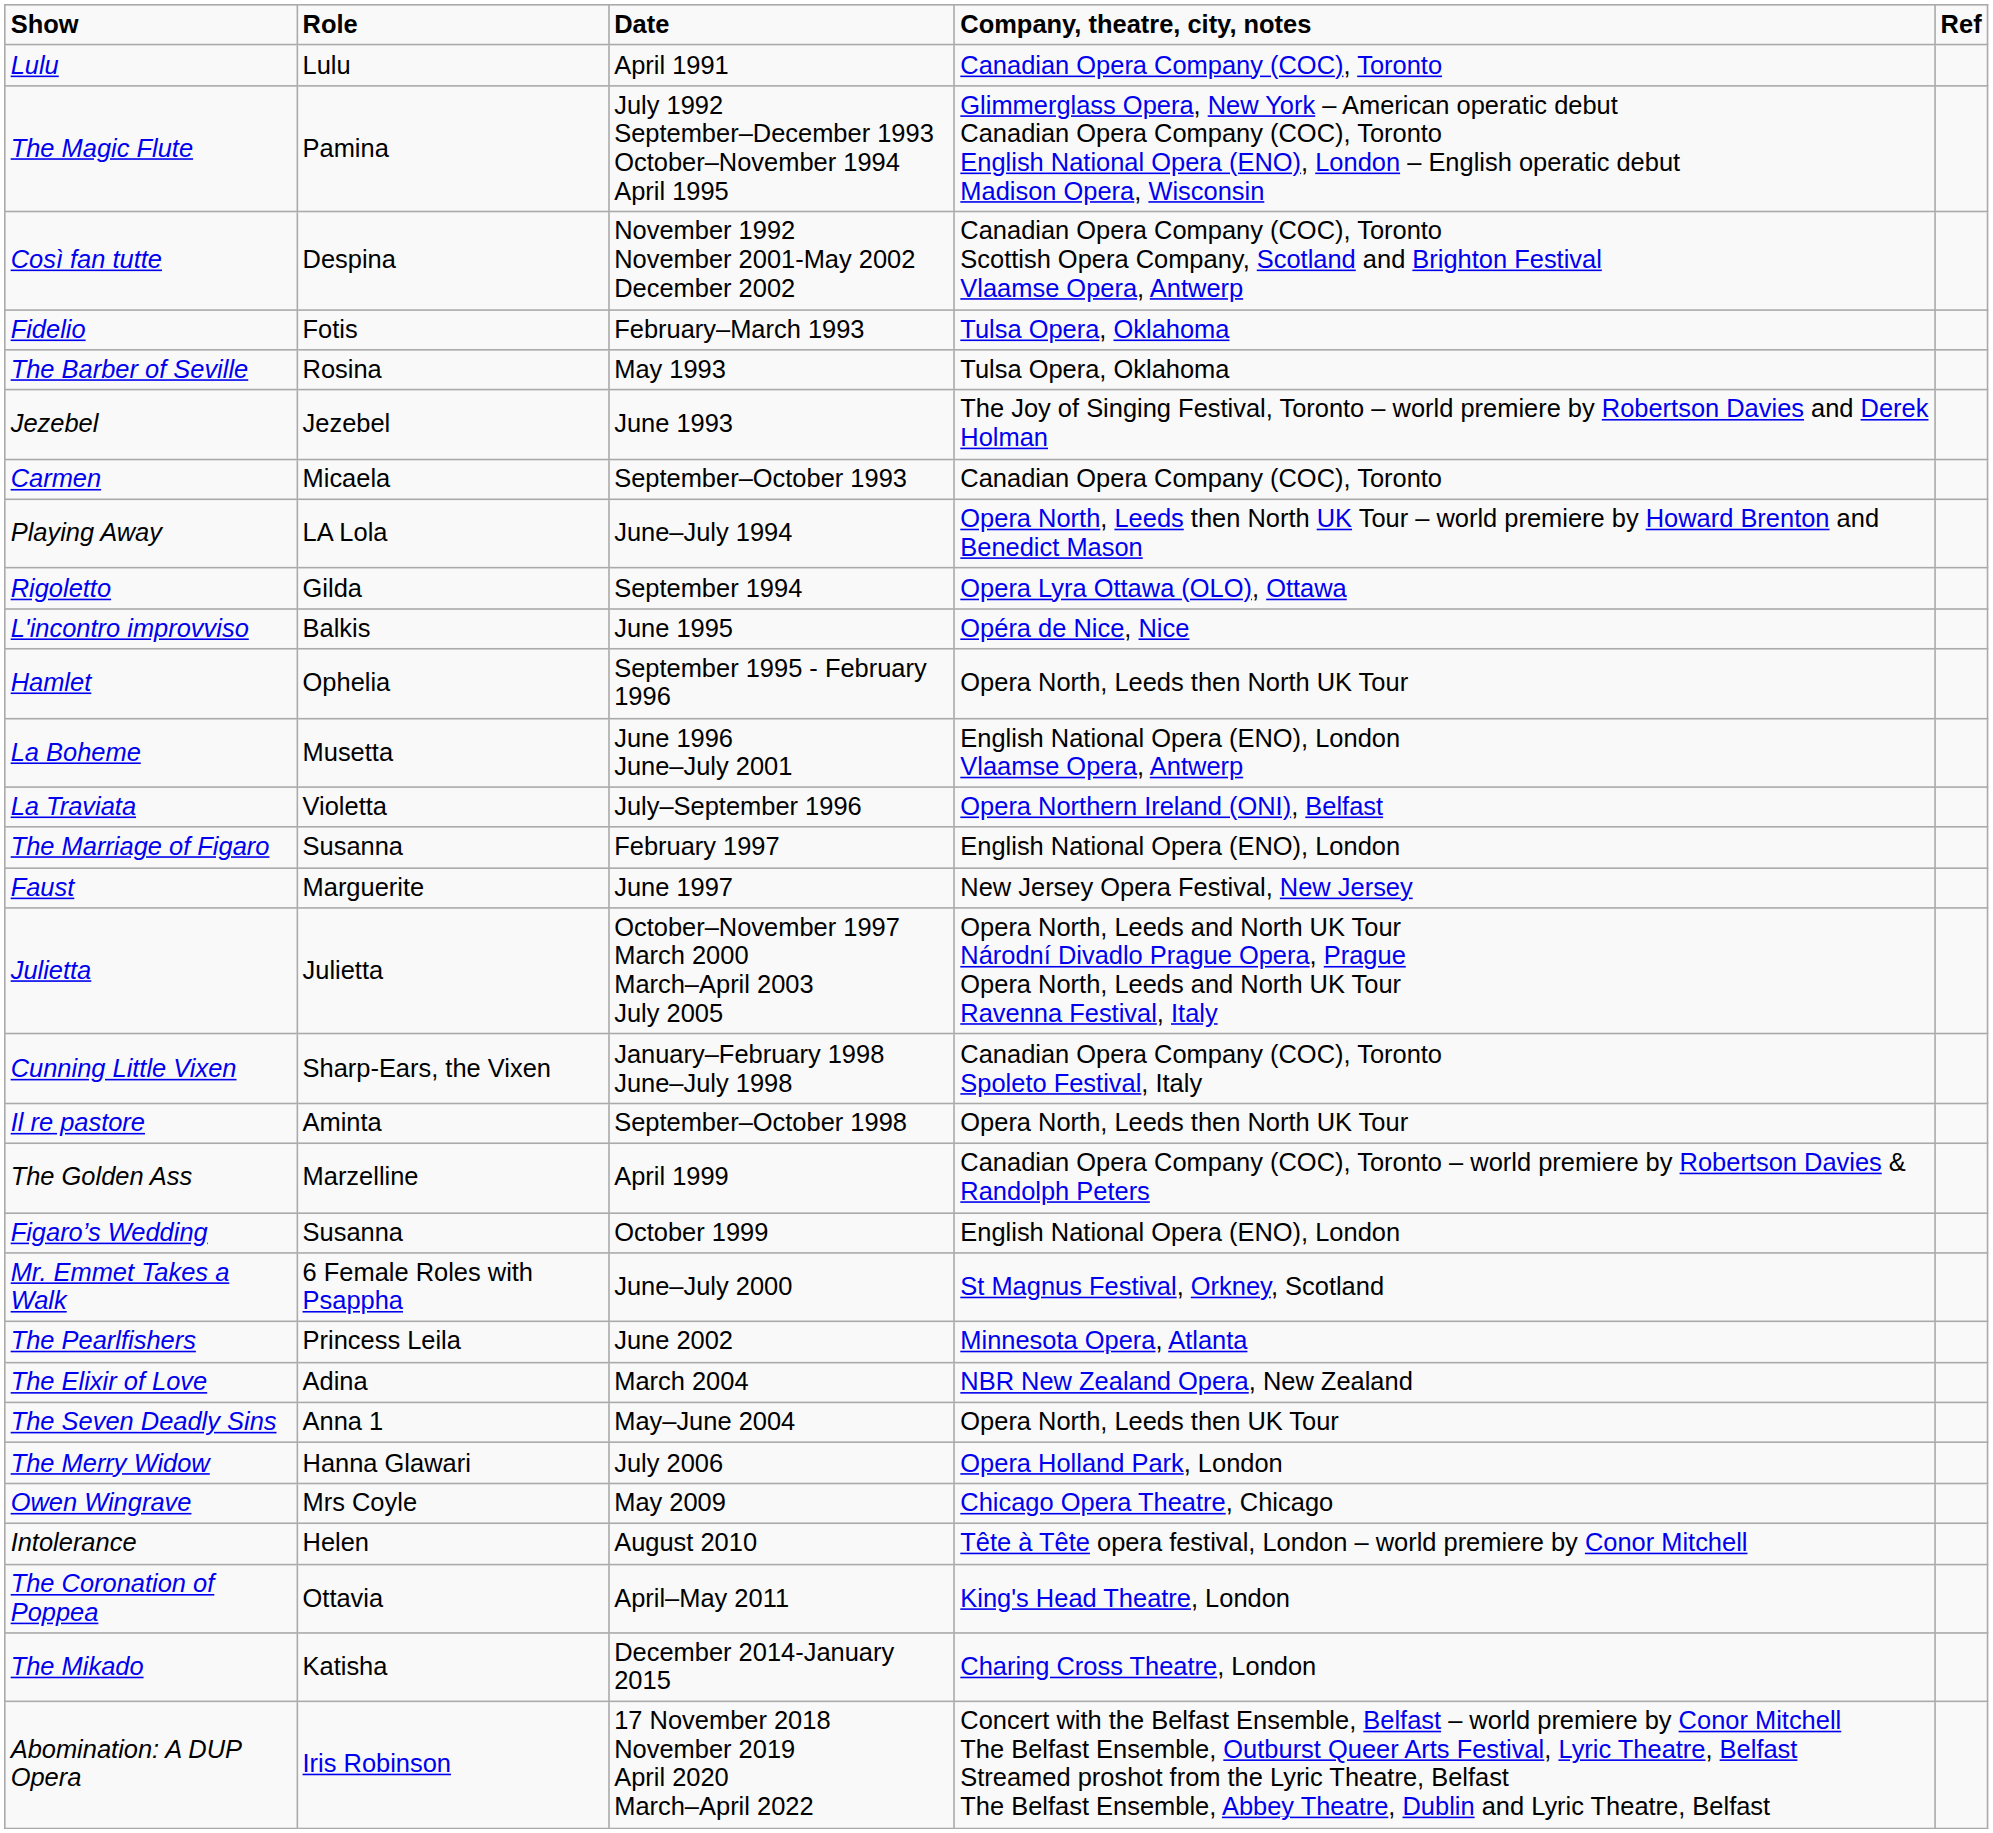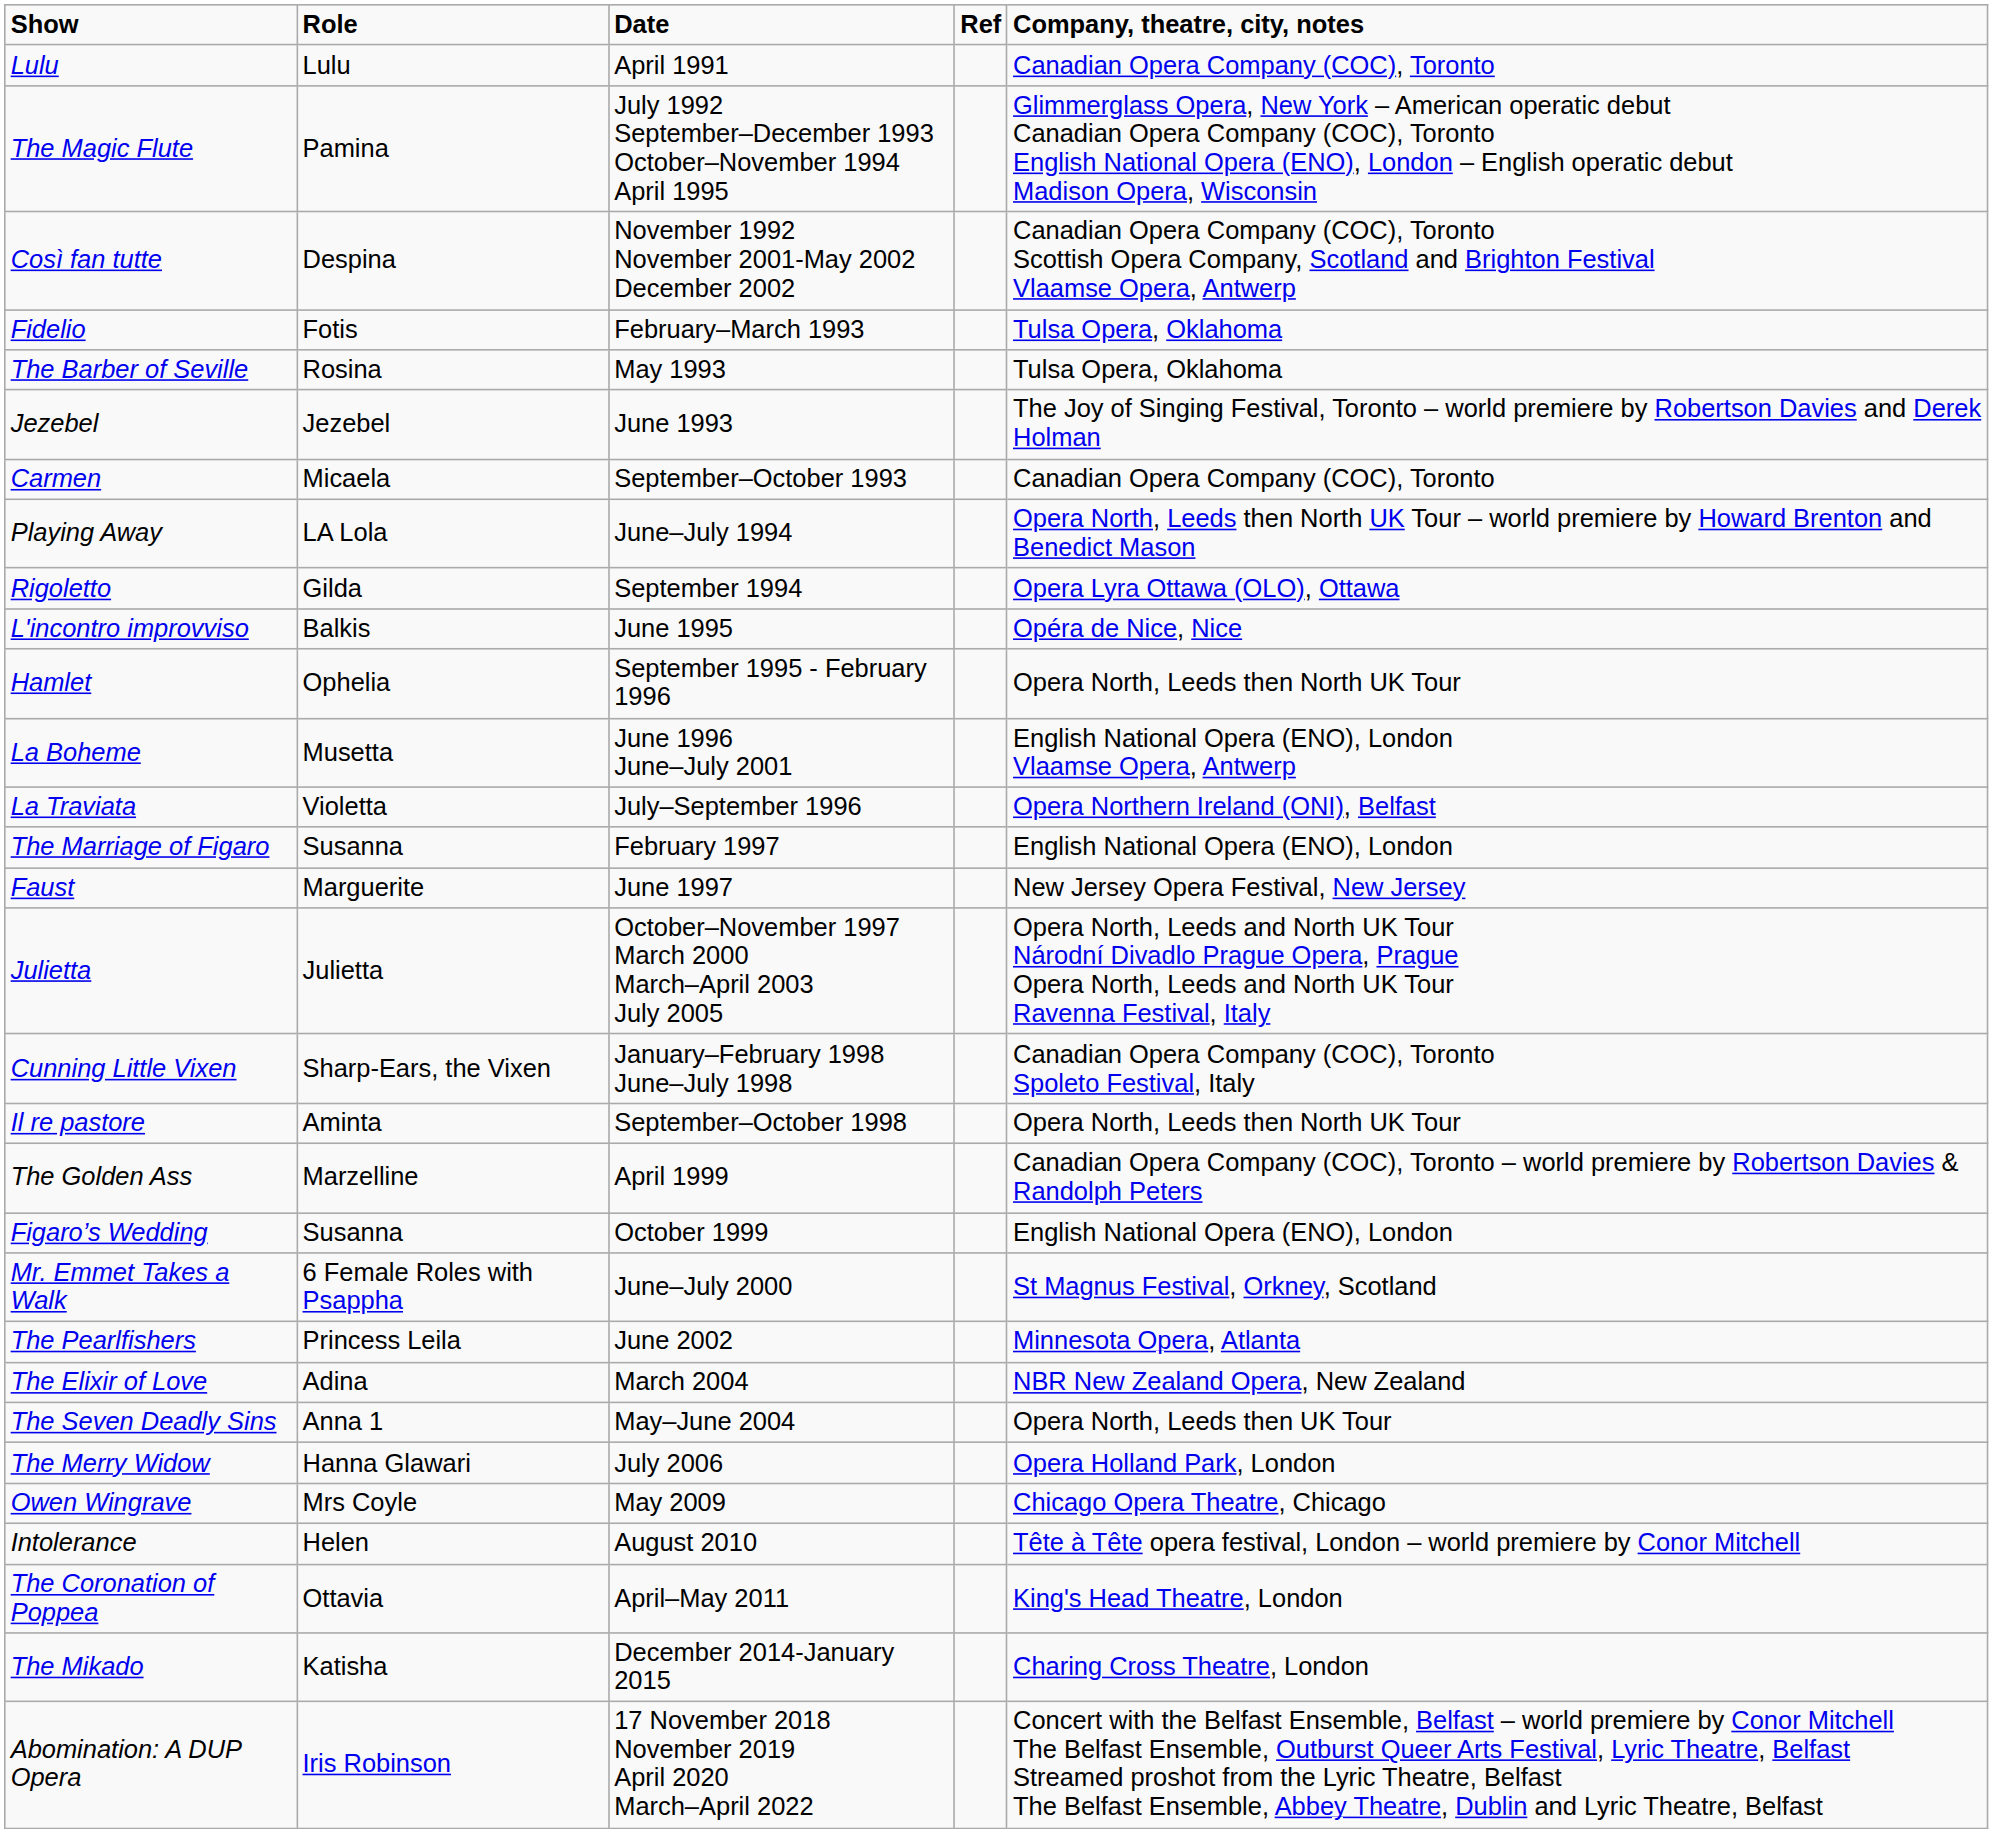 <table class="wikitable">
 <tr>
 <td><strong>Show</strong></td>
 <td><strong>Role</strong></td>
 <td><strong>Date</strong></td>
+<td><strong>Ref</strong></td>
 <td><strong>Company, theatre, city, notes</strong></td>
-<td><strong>Ref</strong></td>
 </tr>
 <tr>
 <td><em><a href='#'>Lulu</a></em></td>
 <td>Lulu</td>
 <td>April 1991</td>
+<td></td>
 <td><a href='#'>Canadian Opera Company (COC)</a>, <a href='#'>Toronto</a></td>
-<td></td>
 </tr>
 <tr>
 <td><em><a href='#'>The Magic Flute</a></em></td>
 <td>Pamina</td>
 <td>July 1992<br>September–December 1993<br>October–November 1994<br>April 1995</td>
+<td><br><br><br></td>
 <td><a href='#'>Glimmerglass Opera</a>, <a href='#'>New York</a> – American operatic debut<br>Canadian Opera Company (COC), Toronto<br><a href='#'>English National Opera (ENO)</a>, <a href='#'>London</a> – English operatic debut<br><a href='#'>Madison Opera</a>, <a href='#'>Wisconsin</a></td>
-<td><br><br><br></td>
 </tr>
 <tr>
 <td><em><a href='#'>Così fan tutte</a></em></td>
 <td>Despina</td>
 <td>November 1992<br>November 2001-May 2002<br>December 2002</td>
+<td><br> </td>
 <td>Canadian Opera Company (COC), Toronto<br>Scottish Opera Company, <a href='#'>Scotland</a> and <a href='#'>Brighton Festival</a><br><a href='#'>Vlaamse Opera</a>, <a href='#'>Antwerp</a></td>
-<td><br> </td>
 </tr>
 <tr>
 <td><em><a href='#'>Fidelio</a></em></td>
 <td>Fotis</td>
 <td>February–March 1993</td>
+<td></td>
 <td><a href='#'>Tulsa Opera</a>, <a href='#'>Oklahoma</a></td>
-<td></td>
 </tr>
 <tr>
 <td><em><a href='#'>The Barber of Seville</a></em></td>
 <td>Rosina</td>
 <td>May 1993</td>
+<td></td>
 <td>Tulsa Opera, Oklahoma</td>
-<td></td>
 </tr>
 <tr>
 <td><em>Jezebel</em></td>
 <td>Jezebel</td>
 <td>June 1993</td>
+<td></td>
 <td>The Joy of Singing Festival, Toronto – world premiere by <a href='#'>Robertson Davies</a> and <a href='#'>Derek Holman</a></td>
-<td></td>
 </tr>
 <tr>
 <td><em><a href='#'>Carmen</a></em></td>
 <td>Micaela</td>
 <td>September–October 1993</td>
+<td></td>
 <td>Canadian Opera Company (COC), Toronto</td>
-<td></td>
 </tr>
 <tr>
 <td><em>Playing Away</em></td>
 <td>LA Lola</td>
 <td>June–July 1994</td>
+<td></td>
 <td><a href='#'>Opera North</a>, <a href='#'>Leeds</a> then North <a href='#'>UK</a> Tour – world premiere by <a href='#'>Howard Brenton</a> and <a href='#'>Benedict Mason</a></td>
-<td></td>
 </tr>
 <tr>
 <td><em><a href='#'>Rigoletto</a></em></td>
 <td>Gilda</td>
 <td>September 1994</td>
+<td></td>
 <td><a href='#'>Opera Lyra Ottawa (OLO)</a>, <a href='#'>Ottawa</a></td>
-<td></td>
 </tr>
 <tr>
 <td><em><a href='#'>L'incontro improvviso</a></em></td>
 <td>Balkis</td>
 <td>June 1995</td>
+<td></td>
 <td><a href='#'>Opéra de Nice</a>, <a href='#'>Nice</a></td>
-<td></td>
 </tr>
 <tr>
 <td><em><a href='#'>Hamlet</a></em></td>
 <td>Ophelia</td>
 <td>September 1995 - February 1996</td>
+<td></td>
 <td>Opera North, Leeds then North UK Tour</td>
-<td></td>
 </tr>
 <tr>
 <td><em><a href='#'>La Boheme</a></em></td>
 <td>Musetta</td>
 <td>June 1996<br>June–July 2001</td>
+<td><br></td>
 <td>English National Opera (ENO), London<br><a href='#'>Vlaamse Opera</a>, <a href='#'>Antwerp</a></td>
-<td><br></td>
 </tr>
 <tr>
 <td><em><a href='#'>La Traviata</a></em></td>
 <td>Violetta</td>
 <td>July–September 1996</td>
+<td></td>
 <td><a href='#'>Opera Northern Ireland (ONI)</a>, <a href='#'>Belfast</a></td>
-<td></td>
 </tr>
 <tr>
 <td><em><a href='#'>The Marriage of Figaro</a></em></td>
 <td>Susanna</td>
 <td>February 1997</td>
+<td></td>
 <td>English National Opera (ENO), London</td>
-<td></td>
 </tr>
 <tr>
 <td><em><a href='#'>Faust</a></em></td>
 <td>Marguerite</td>
 <td>June 1997</td>
+<td></td>
 <td>New Jersey Opera Festival, <a href='#'>New Jersey</a></td>
-<td></td>
 </tr>
 <tr>
 <td><em><a href='#'>Julietta</a></em></td>
 <td>Julietta</td>
 <td>October–November 1997<br>March 2000<br>March–April 2003<br>July 2005</td>
+<td><br><br></td>
 <td>Opera North, Leeds and North UK Tour<br><a href='#'>Národní Divadlo Prague Opera</a>, <a href='#'>Prague</a><br>Opera North, Leeds and North UK Tour<br><a href='#'>Ravenna Festival</a>, <a href='#'>Italy</a></td>
-<td><br><br></td>
 </tr>
 <tr>
 <td><em><a href='#'>Cunning Little Vixen</a></em></td>
 <td>Sharp-Ears, the Vixen</td>
 <td>January–February 1998<br>June–July 1998</td>
+<td><br></td>
 <td>Canadian Opera Company (COC), Toronto<br><a href='#'>Spoleto Festival</a>, Italy</td>
-<td><br></td>
 </tr>
 <tr>
 <td><em><a href='#'>Il re pastore</a></em></td>
 <td>Aminta</td>
 <td>September–October 1998</td>
+<td></td>
 <td>Opera North, Leeds then North UK Tour</td>
-<td></td>
 </tr>
 <tr>
 <td><em>The Golden Ass</em></td>
 <td>Marzelline</td>
 <td>April 1999</td>
+<td></td>
 <td>Canadian Opera Company (COC), Toronto – world premiere by <a href='#'>Robertson Davies</a> & <a href='#'>Randolph Peters</a></td>
-<td></td>
 </tr>
 <tr>
 <td><a href='#'><em>Figaro’s Wedding</em></a></td>
 <td>Susanna</td>
 <td>October 1999</td>
+<td></td>
 <td>English National Opera (ENO), London</td>
-<td></td>
 </tr>
 <tr>
 <td><em><a href='#'>Mr. Emmet Takes a Walk</a></em></td>
 <td>6 Female Roles with <a href='#'>Psappha</a></td>
 <td>June–July 2000</td>
+<td></td>
 <td><a href='#'>St Magnus Festival</a>, <a href='#'>Orkney</a>, Scotland</td>
-<td></td>
 </tr>
 <tr>
 <td><em><a href='#'>The Pearlfishers</a></em></td>
 <td>Princess Leila</td>
 <td>June 2002</td>
+<td></td>
 <td><a href='#'>Minnesota Opera</a>, <a href='#'>Atlanta</a></td>
-<td></td>
 </tr>
 <tr>
 <td><em><a href='#'>The Elixir of Love</a></em></td>
 <td>Adina</td>
 <td>March 2004</td>
+<td></td>
 <td><a href='#'>NBR New Zealand Opera</a>, New Zealand</td>
-<td></td>
 </tr>
 <tr>
 <td><em><a href='#'>The Seven Deadly Sins</a></em></td>
 <td>Anna 1</td>
 <td>May–June 2004</td>
+<td></td>
 <td>Opera North, Leeds then UK Tour</td>
-<td></td>
 </tr>
 <tr>
 <td><em><a href='#'>The Merry Widow</a></em></td>
 <td>Hanna Glawari</td>
 <td>July 2006</td>
+<td></td>
 <td><a href='#'>Opera Holland Park</a>, London</td>
-<td></td>
 </tr>
 <tr>
 <td><em><a href='#'>Owen Wingrave</a></em></td>
 <td>Mrs Coyle</td>
 <td>May 2009</td>
+<td></td>
 <td><a href='#'>Chicago Opera Theatre</a>, Chicago</td>
-<td></td>
 </tr>
 <tr>
 <td><em>Intolerance</em></td>
 <td>Helen</td>
 <td>August 2010</td>
+<td></td>
 <td><a href='#'>Tête à Tête</a> opera festival, London – world premiere by <a href='#'>Conor Mitchell</a></td>
-<td></td>
 </tr>
 <tr>
 <td><em><a href='#'>The Coronation of Poppea</a></em></td>
 <td>Ottavia</td>
 <td>April–May 2011</td>
+<td></td>
 <td><a href='#'>King's Head Theatre</a>, London</td>
-<td></td>
 </tr>
 <tr>
 <td><em><a href='#'>The Mikado</a></em></td>
 <td>Katisha</td>
 <td>December 2014-January 2015</td>
+<td></td>
 <td><a href='#'>Charing Cross Theatre</a>, London</td>
-<td></td>
 </tr>
 <tr>
 <td><em>Abomination: A DUP Opera</em></td>
 <td><a href='#'>Iris Robinson</a></td>
 <td>17 November 2018<br>November 2019<br>April 2020<br>March–April 2022</td>
+<td><br><br><br></td>
 <td>Concert with the Belfast Ensemble, <a href='#'>Belfast</a> – world premiere by <a href='#'>Conor Mitchell</a><br>The Belfast Ensemble, <a href='#'>Outburst Queer Arts Festival</a>, <a href='#'>Lyric Theatre</a>, <a href='#'>Belfast</a><br>Streamed proshot from the Lyric Theatre, Belfast<br>The Belfast Ensemble, <a href='#'>Abbey Theatre</a>, <a href='#'>Dublin</a> and Lyric Theatre, Belfast</td>
-<td><br><br><br></td>
 </tr>
 </table>
